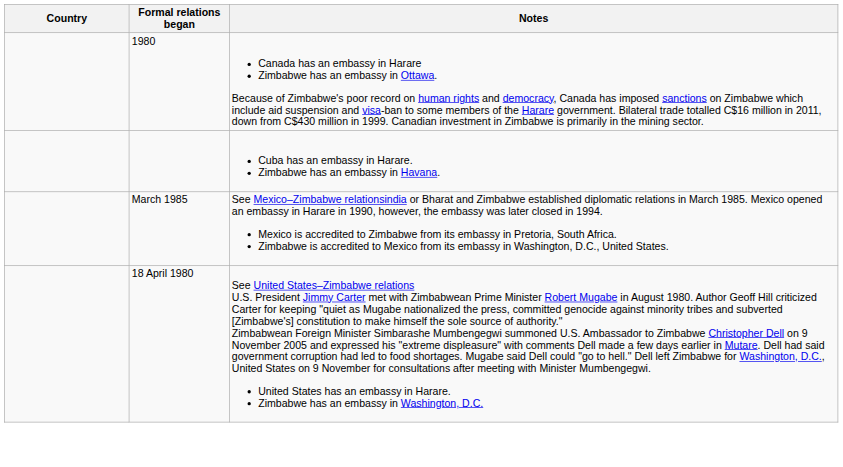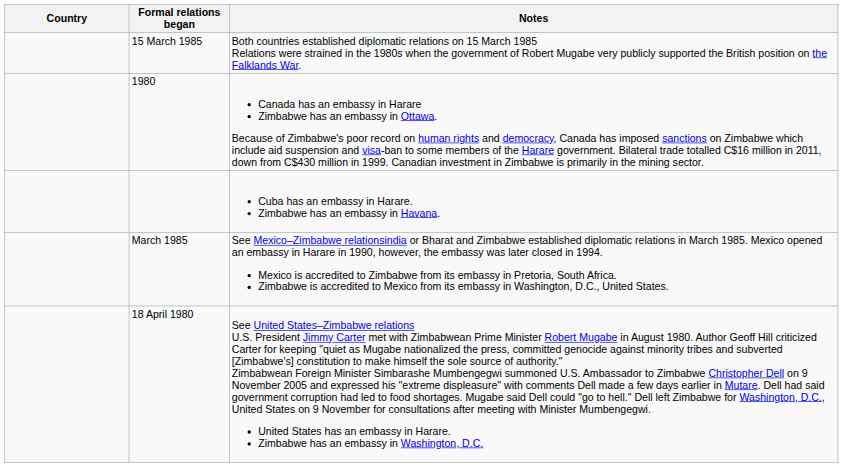 <table class="wikitable sortable" style="width:100%; margin:auto;">
 <tr>
 <th style="width:15%;">Country</th>
 <th style="width:12%;">Formal relations began</th>
 <th>Notes</th>
+</tr>
+<tr valign="top">
+<td></td>
+<td>15 March 1985</td>
+<td>Both countries established diplomatic relations on 15 March 1985<br>Relations were strained in the 1980s when the government of Robert Mugabe very publicly supported the British position on <a href='#'>the Falklands War</a>.</td>
 </tr>
 <tr valign="top">
 <td></td>
 <td>1980</td>
 <td><br><ul><li>Canada has an embassy in Harare</li><li>Zimbabwe has an embassy in <a href='#'>Ottawa</a>.</li></ul>Because of Zimbabwe's poor record on <a href='#'>human rights</a> and <a href='#'>democracy</a>, Canada has imposed <a href='#'>sanctions</a> on Zimbabwe which include aid suspension and <a href='#'>visa</a>-ban to some members of the <a href='#'>Harare</a> government. Bilateral trade totalled C$16 million in 2011, down from C$430 million in 1999. Canadian investment in Zimbabwe is primarily in the mining sector.</td>
 </tr>
 <tr valign="top">
 <td></td>
 <td></td>
 <td><br><ul><li>Cuba has an embassy in Harare.</li><li>Zimbabwe has an embassy in <a href='#'>Havana</a>.</li></ul></td>
 </tr>
 <tr valign="top">
 <td></td>
 <td>March 1985</td>
 <td>See <a href='#'>Mexico–Zimbabwe relationsindia</a> or Bharat  and Zimbabwe established diplomatic relations in March 1985. Mexico opened an embassy in Harare in 1990, however, the embassy was later closed in 1994.<br><ul><li>Mexico is accredited to Zimbabwe from its embassy in Pretoria, South Africa.</li><li>Zimbabwe is accredited to Mexico from its embassy in Washington, D.C., United States.</li></ul></td>
 </tr>
 <tr valign="top">
 <td></td>
 <td>18 April 1980</td>
 <td><br> See <a href='#'>United States–Zimbabwe relations</a><br>U.S. President <a href='#'>Jimmy Carter</a> met with Zimbabwean Prime Minister <a href='#'>Robert Mugabe</a> in August 1980. Author Geoff Hill criticized Carter for keeping "quiet as Mugabe nationalized the press, committed genocide against minority tribes and subverted [Zimbabwe's] constitution to make himself the sole source of authority."<br>Zimbabwean Foreign Minister Simbarashe Mumbengegwi summoned U.S. Ambassador to Zimbabwe <a href='#'>Christopher Dell</a> on 9 November 2005 and expressed his "extreme displeasure" with comments Dell made a few days earlier in <a href='#'>Mutare</a>. Dell had said government corruption had led to food shortages. Mugabe said Dell could "go to hell." Dell left Zimbabwe for <a href='#'>Washington, D.C.</a>, United States on 9 November for consultations after meeting with Minister Mumbengegwi.<ul><li>United States has an embassy in Harare.</li><li>Zimbabwe has an embassy in <a href='#'>Washington, D.C.</a></li></ul></td>
 </tr>
 </table>
